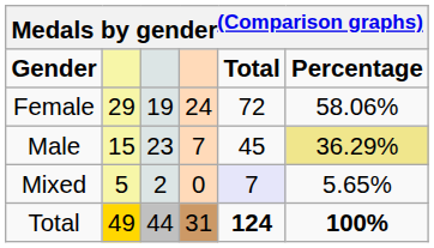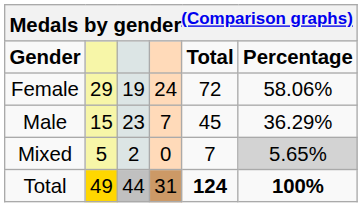 <table class="wikitable" style="font-size:95%">
 <tr style="background:#efefef;">
 <th colspan=6>Medals by gender<sup><a href='#'>(Comparison graphs)</a></sup></th>
 </tr>
 <tr style="text-align:center;">
 <td><strong>Gender</strong></td>
 <td style="background:#F7F6A8;"></td>
 <td style="background:#DCE5E5;"></td>
 <td style="background:#FFDAB9;"></td>
 <td><strong>Total</strong></td>
 <td><strong>Percentage</strong></td>
 </tr>
 <tr align=center>
 <td>Female</td>
 <td style="background:#F7F6A8;">29</td>
 <td style="background:#DCE5E5;">19</td>
 <td style="background:#FFDAB9;">24</td>
 <td>72</td>
 <td>58.06%</td>
 </tr>
 <tr align=center>
 <td>Male</td>
 <td style="background:#F7F6A8;">15</td>
 <td style="background:#DCE5E5;">23</td>
 <td style="background:#FFDAB9;">7</td>
 <td>45</td>
-<td style="background: khaki;">36.29%</td>
+<td>36.29%</td>
 </tr>
 <tr align=center>
 <td>Mixed</td>
 <td style="background:#F7F6A8;">5</td>
 <td style="background:#DCE5E5;">2</td>
 <td style="background:#FFDAB9;">0</td>
-<td style="background: lavender;">7</td>
-<td>5.65%</td>
+<td>7</td>
+<td style="background: lightgrey;">5.65%</td>
 </tr>
 <tr align=center>
 <td>Total</td>
 <td style="background:gold;">49</td>
 <td style="background:silver;">44</td>
 <td style="background:#c96;">31</td>
 <td><strong>124</strong></td>
 <td><strong>100%</strong></td>
 </tr>
 </table>
